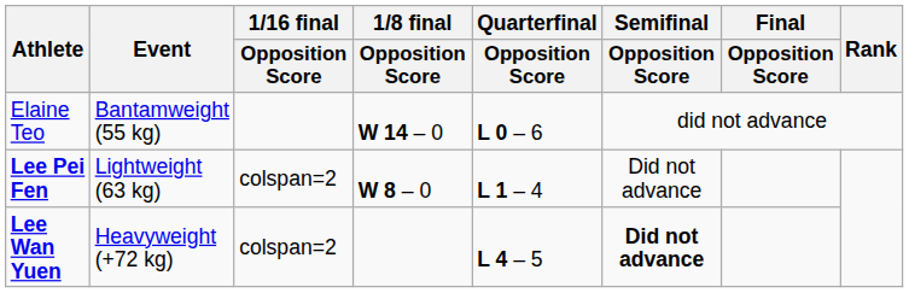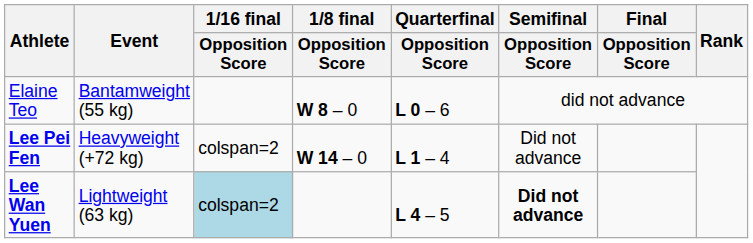 <table class="wikitable" style="text-align:left; font-size:90%">
 <tr>
 <th rowspan=2 width="10%">Athlete</th>
 <th rowspan=2 width="6%">Event</th>
 <th width="14%">1/16 final</th>
 <th width="14%">1/8 final</th>
 <th width="14%">Quarterfinal</th>
 <th width="14%">Semifinal</th>
 <th width="14%">Final</th>
 <th rowspan=2 width="5%">Rank</th>
 </tr>
 <tr style="font-size:95%">
 <th>Opposition<br>Score</th>
 <th>Opposition<br>Score</th>
 <th>Opposition<br>Score</th>
 <th>Opposition<br>Score</th>
 <th>Opposition<br>Score</th>
 </tr>
 <tr>
 <td><a href='#'>Elaine Teo</a></td>
 <td><a href='#'>Bantamweight</a> (55 kg)</td>
 <td></td>
-<td><br><strong>W 14</strong> – 0</td>
+<td><br><strong>W 8</strong> – 0</td>
 <td><br><strong>L 0</strong> – 6</td>
 <td align=center colspan=3>did not advance</td>
 </tr>
 <tr>
 <td><strong><a href='#'>Lee Pei Fen</a></strong></td>
-<td><a href='#'>Lightweight</a> (63 kg)</td>
+<td><a href='#'>Heavyweight</a> (+72 kg)</td>
 <td>colspan=2 </td>
-<td><br><strong>W 8</strong> – 0</td>
+<td><br><strong>W 14</strong> – 0</td>
 <td><br><strong>L 1</strong> – 4</td>
 <td align=center>Did not advance</td>
 <td align=center></td>
 </tr>
 <tr>
 <td><strong><a href='#'>Lee Wan Yuen</a></strong></td>
-<td><a href='#'>Heavyweight</a> (+72 kg)</td>
-<td>colspan=2 </td>
+<td><a href='#'>Lightweight</a> (63 kg)</td>
+<td style="background: lightblue;">colspan=2 </td>
 <td></td>
 <td><br><strong>L 4</strong> – 5</td>
 <td align=center><strong>Did not advance</strong></td>
 <td align=center></td>
 </tr>
 </table>
